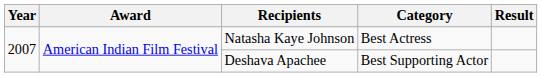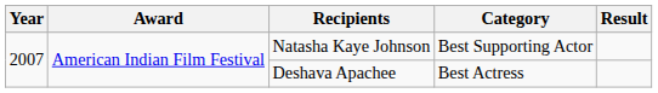 <table class="wikitable sortable">
 <tr style="background:#ccc; text-align:center;">
 <th>Year</th>
 <th>Award</th>
 <th>Recipients</th>
 <th>Category</th>
 <th>Result</th>
 </tr>
 <tr>
 <td rowspan="2">2007</td>
 <td rowspan="2"><a href='#'>American Indian Film Festival</a></td>
 <td>Natasha Kaye Johnson</td>
-<td>Best Actress</td>
+<td>Best Supporting Actor</td>
 <td></td>
 </tr>
 <tr>
 <td>Deshava Apachee</td>
-<td>Best Supporting Actor</td>
+<td>Best Actress</td>
 <td></td>
 </tr>
 </table>
